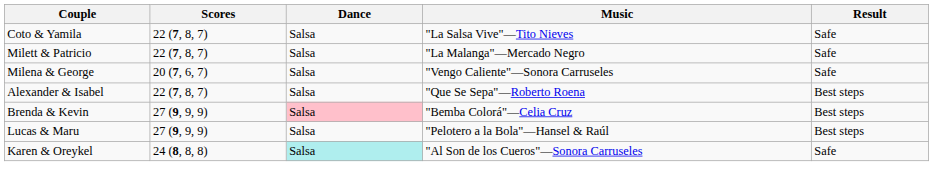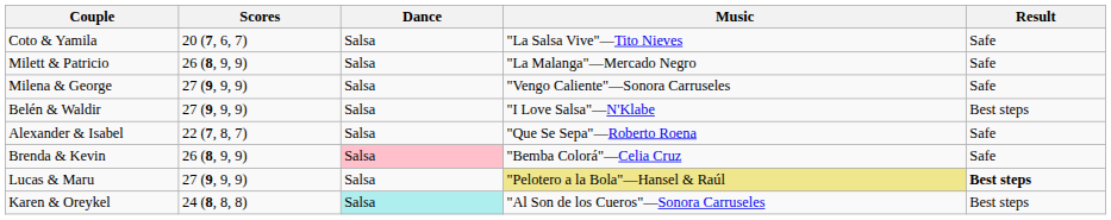 <table class="wikitable sortable" style="width:95%; white-space:nowrap;">
 <tr>
 <th style="width:15%;">Couple</th>
 <th style="width:14%;">Scores</th>
 <th style="width:14%;">Dance</th>
 <th style="width:40%;">Music</th>
 <th style="width:12%;">Result</th>
 </tr>
 <tr>
 <td>Coto & Yamila</td>
-<td>22 (<strong>7</strong>, 8, 7)</td>
+<td>20 (<strong>7</strong>, 6, 7)</td>
 <td>Salsa</td>
 <td>"La Salsa Vive"—<a href='#'>Tito Nieves</a></td>
 <td>Safe</td>
 </tr>
 <tr>
 <td>Milett & Patricio</td>
-<td>22 (<strong>7</strong>, 8, 7)</td>
+<td>26 (<strong>8</strong>, 9, 9)</td>
 <td>Salsa</td>
 <td>"La Malanga"—Mercado Negro</td>
 <td>Safe</td>
 </tr>
 <tr>
 <td>Milena & George</td>
-<td>20 (<strong>7</strong>, 6, 7)</td>
+<td>27 (<strong>9</strong>, 9, 9)</td>
 <td>Salsa</td>
 <td>"Vengo Caliente"—Sonora Carruseles</td>
 <td>Safe</td>
+</tr>
+<tr>
+<td>Belén & Waldir</td>
+<td>27 (<strong>9</strong>, 9, 9)</td>
+<td>Salsa</td>
+<td>"I Love Salsa"—<a href='#'>N'Klabe</a></td>
+<td>Best steps</td>
 </tr>
 <tr>
 <td>Alexander & Isabel</td>
 <td>22 (<strong>7</strong>, 8, 7)</td>
 <td>Salsa</td>
 <td>"Que Se Sepa"—<a href='#'>Roberto Roena</a></td>
-<td>Best steps</td>
+<td>Safe</td>
 </tr>
 <tr>
 <td>Brenda & Kevin</td>
-<td>27 (<strong>9</strong>, 9, 9)</td>
+<td>26 (<strong>8</strong>, 9, 9)</td>
 <td style="background: pink;">Salsa</td>
 <td>"Bemba Colorá"—<a href='#'>Celia Cruz</a></td>
-<td>Best steps</td>
+<td>Safe</td>
 </tr>
 <tr>
 <td>Lucas & Maru</td>
 <td>27 (<strong>9</strong>, 9, 9)</td>
 <td>Salsa</td>
-<td>"Pelotero a la Bola"—Hansel & Raúl</td>
-<td>Best steps</td>
+<td style="background: khaki;">"Pelotero a la Bola"—Hansel & Raúl</td>
+<td><strong>Best steps</strong></td>
 </tr>
 <tr>
 <td>Karen & Oreykel</td>
 <td>24 (<strong>8</strong>, 8, 8)</td>
 <td style="background: paleturquoise;">Salsa</td>
 <td>"Al Son de los Cueros"—<a href='#'>Sonora Carruseles</a></td>
-<td>Safe</td>
+<td>Best steps</td>
 </tr>
 </table>
